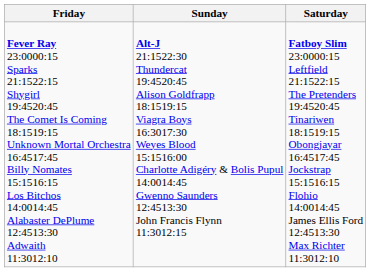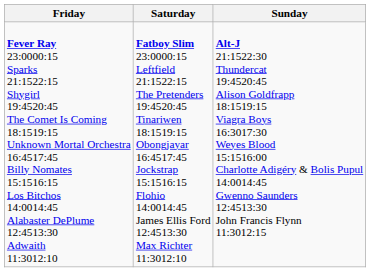 <table class="wikitable">
 <tr>
 <th>Friday</th>
+<th>Saturday</th>
 <th>Sunday</th>
-<th>Saturday</th>
 </tr>
 <tr valign="top">
 <td><br><strong><a href='#'>Fever Ray</a></strong> <br>23:0000:15 <br><a href='#'>Sparks</a> <br>21:1522:15 <br><a href='#'>Shygirl</a> <br>19:4520:45 <br><a href='#'>The Comet Is Coming</a> <br>18:1519:15 <br><a href='#'>Unknown Mortal Orchestra</a> <br>16:4517:45 <br><a href='#'>Billy Nomates</a> <br>15:1516:15 <br><a href='#'>Los Bitchos</a> <br>14:0014:45 <br><a href='#'>Alabaster DePlume</a> <br>12:4513:30 <br><a href='#'>Adwaith</a> <br>11:3012:10</td>
+<td><br><strong><a href='#'>Fatboy Slim</a></strong> <br>23:0000:15 <br><a href='#'>Leftfield</a> <br>21:1522:15 <br><a href='#'>The Pretenders</a> <br>19:4520:45 <br><a href='#'>Tinariwen</a> <br>18:1519:15 <br><a href='#'>Obongjayar</a> <br>16:4517:45 <br><a href='#'>Jockstrap</a> <br>15:1516:15 <br><a href='#'>Flohio</a> <br>14:0014:45 <br>James Ellis Ford <br>12:4513:30 <br><a href='#'>Max Richter</a> <br>11:3012:10</td>
 <td><br><strong><a href='#'>Alt-J</a></strong> <br>21:1522:30 <br><a href='#'>Thundercat</a> <br>19:4520:45 <br><a href='#'>Alison Goldfrapp</a> <br>18:1519:15 <br><a href='#'>Viagra Boys</a> <br>16:3017:30 <br><a href='#'>Weyes Blood</a> <br>15:1516:00 <br><a href='#'>Charlotte Adigéry</a> & <a href='#'>Bolis Pupul</a> <br>14:0014:45 <br><a href='#'>Gwenno Saunders</a> <br>12:4513:30 <br>John Francis Flynn <br>11:3012:15</td>
-<td><br><strong><a href='#'>Fatboy Slim</a></strong> <br>23:0000:15 <br><a href='#'>Leftfield</a> <br>21:1522:15 <br><a href='#'>The Pretenders</a> <br>19:4520:45 <br><a href='#'>Tinariwen</a> <br>18:1519:15 <br><a href='#'>Obongjayar</a> <br>16:4517:45 <br><a href='#'>Jockstrap</a> <br>15:1516:15 <br><a href='#'>Flohio</a> <br>14:0014:45 <br>James Ellis Ford <br>12:4513:30 <br><a href='#'>Max Richter</a> <br>11:3012:10</td>
 </tr>
 </table>
